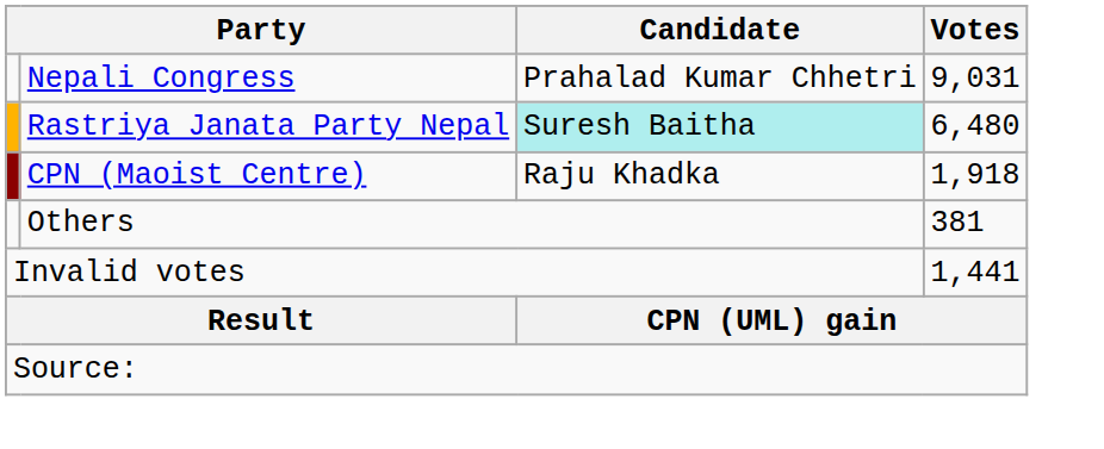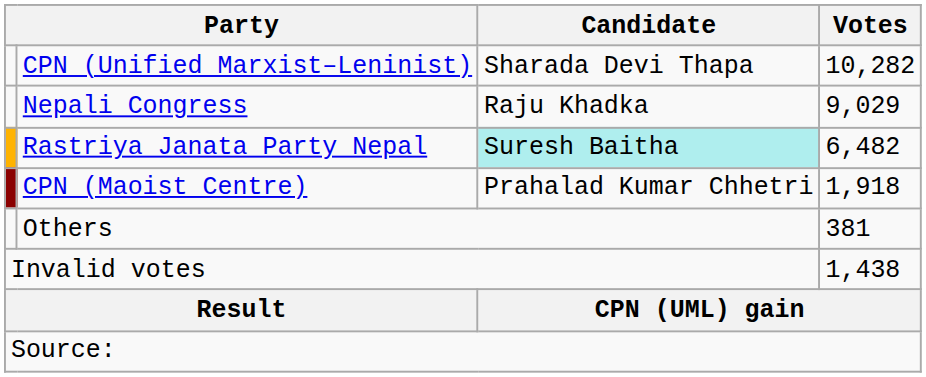 <table class="wikitable">
 <tr>
 <th colspan="2">Party</th>
 <th>Candidate</th>
 <th>Votes</th>
 </tr>
 <tr>
 <td style="background-color:"></td>
+<td><a href='#'>CPN (Unified Marxist–Leninist)</a></td>
+<td>Sharada Devi Thapa</td>
+<td>10,282</td>
+</tr>
+<tr>
+<td style="background-color:"></td>
 <td><a href='#'>Nepali Congress</a></td>
-<td>Prahalad Kumar Chhetri</td>
-<td>9,031</td>
+<td>Raju Khadka</td>
+<td>9,029</td>
 </tr>
 <tr>
 <td style="background-color:#ffb300"></td>
 <td><a href='#'>Rastriya Janata Party Nepal</a></td>
 <td style="background: paleturquoise;">Suresh Baitha</td>
-<td>6,480</td>
+<td>6,482</td>
 </tr>
 <tr>
 <td style="background-color:darkred"></td>
 <td><a href='#'>CPN (Maoist Centre)</a></td>
-<td>Raju Khadka</td>
+<td>Prahalad Kumar Chhetri</td>
 <td>1,918</td>
 </tr>
 <tr>
 <td></td>
 <td colspan="2">Others</td>
 <td>381</td>
 </tr>
 <tr>
 <td colspan="3">Invalid votes</td>
-<td>1,441</td>
+<td>1,438</td>
 </tr>
 <tr>
 <th colspan="2">Result</th>
 <th colspan="2">CPN (UML) gain</th>
 </tr>
 <tr>
 <td colspan="4">Source: </td>
 </tr>
 </table>
